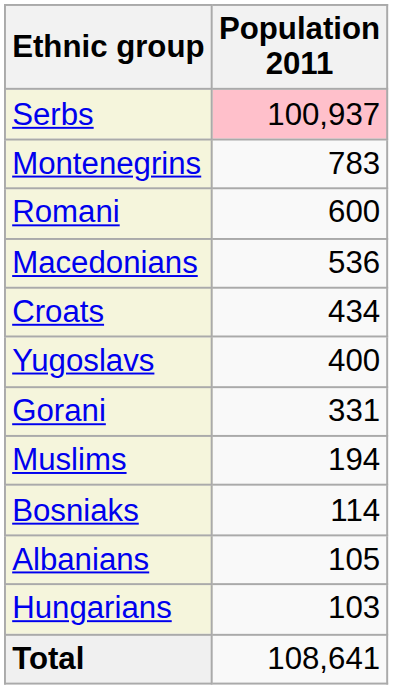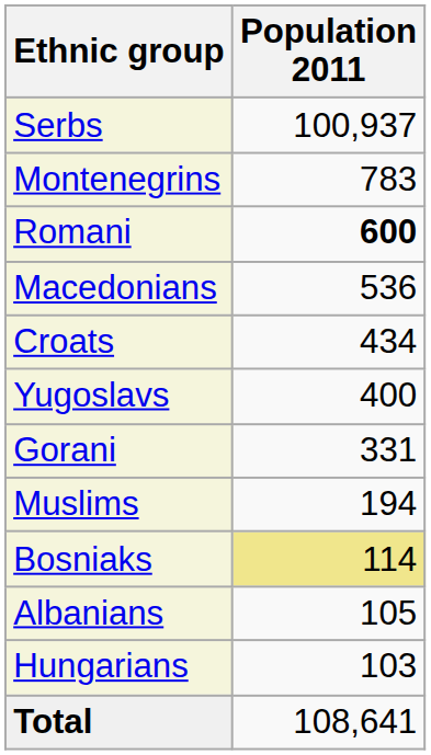 <table class="wikitable sortable">
 <tr>
 <th>Ethnic group</th>
 <th>Population<br>2011</th>
 </tr>
 <tr>
 <td style="background:#F5F5DC;"><a href='#'>Serbs</a></td>
-<td align="right" style="background: pink;">100,937</td>
+<td align="right">100,937</td>
 </tr>
 <tr>
 <td style="background:#F5F5DC;"><a href='#'>Montenegrins</a></td>
 <td align="right">783</td>
 </tr>
 <tr>
 <td style="background:#F5F5DC;"><a href='#'>Romani</a></td>
-<td align="right">600</td>
+<td align="right"><strong>600</strong></td>
 </tr>
 <tr>
 <td style="background:#F5F5DC;"><a href='#'>Macedonians</a></td>
 <td align="right">536</td>
 </tr>
 <tr>
 <td style="background:#F5F5DC;"><a href='#'>Croats</a></td>
 <td align="right">434</td>
 </tr>
 <tr>
 <td style="background:#F5F5DC;"><a href='#'>Yugoslavs</a></td>
 <td align="right">400</td>
 </tr>
 <tr>
 <td style="background:#F5F5DC;"><a href='#'>Gorani</a></td>
 <td align="right">331</td>
 </tr>
 <tr>
 <td style="background:#F5F5DC;"><a href='#'>Muslims</a></td>
 <td align="right">194</td>
 </tr>
 <tr>
 <td style="background:#F5F5DC;"><a href='#'>Bosniaks</a></td>
-<td align="right">114</td>
+<td align="right" style="background: khaki;">114</td>
 </tr>
 <tr>
 <td style="background:#F5F5DC;"><a href='#'>Albanians</a></td>
 <td align="right">105</td>
 </tr>
 <tr>
 <td style="background:#F5F5DC;"><a href='#'>Hungarians</a></td>
 <td align="right">103</td>
 </tr>
 <tr>
 <td style="background:#F0F0F0;"><strong>Total</strong></td>
 <td align="right">108,641</td>
 </tr>
 </table>
